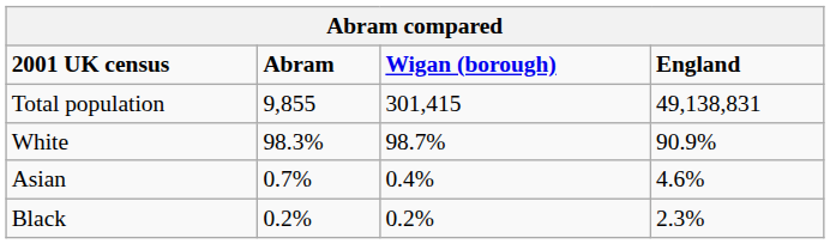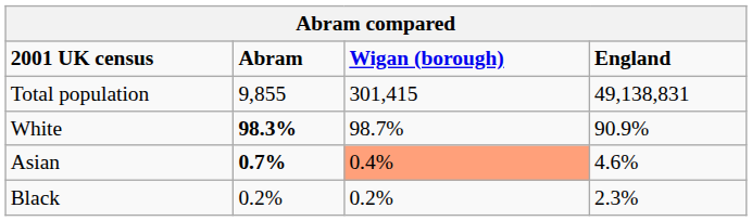 <table class="wikitable" style="float: right; margin-left: 2em; width: 40%; font-size: 90%;" cellspacing="3">
 <tr>
 <th colspan="4"><strong>Abram compared</strong></th>
 </tr>
 <tr>
 <td><strong>2001 UK census</strong></td>
 <td><strong>Abram</strong></td>
 <td><strong><a href='#'>Wigan (borough)</a></strong></td>
 <td><strong>England</strong></td>
 </tr>
 <tr>
 <td>Total population</td>
 <td>9,855</td>
 <td>301,415</td>
 <td>49,138,831</td>
 </tr>
 <tr>
 <td>White</td>
-<td>98.3%</td>
+<td><strong>98.3%</strong></td>
 <td>98.7%</td>
 <td>90.9%</td>
 </tr>
 <tr>
 <td>Asian</td>
-<td>0.7%</td>
-<td>0.4%</td>
+<td><strong>0.7%</strong></td>
+<td style="background: lightsalmon;">0.4%</td>
 <td>4.6%</td>
 </tr>
 <tr>
 <td>Black</td>
 <td>0.2%</td>
 <td>0.2%</td>
 <td>2.3%</td>
 </tr>
 </table>
